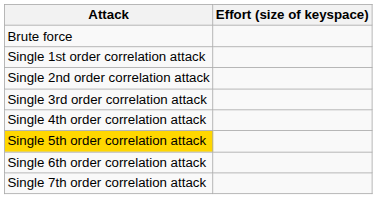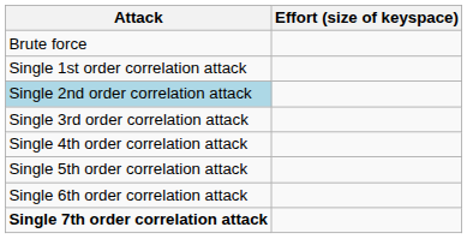 <table class="wikitable">
 <tr>
 <th>Attack</th>
 <th>Effort (size of keyspace)</th>
 </tr>
 <tr>
 <td>Brute force</td>
 <td></td>
 </tr>
 <tr>
 <td>Single 1st order correlation attack</td>
 <td></td>
 </tr>
 <tr>
-<td>Single 2nd order correlation attack</td>
+<td style="background: lightblue;">Single 2nd order correlation attack</td>
 <td></td>
 </tr>
 <tr>
 <td>Single 3rd order correlation attack</td>
 <td></td>
 </tr>
 <tr>
 <td>Single 4th order correlation attack</td>
 <td></td>
 </tr>
 <tr>
-<td style="background: gold;">Single 5th order correlation attack</td>
+<td>Single 5th order correlation attack</td>
 <td></td>
 </tr>
 <tr>
 <td>Single 6th order correlation attack</td>
 <td></td>
 </tr>
 <tr>
-<td>Single 7th order correlation attack</td>
+<td><strong>Single 7th order correlation attack</strong></td>
 <td></td>
 </tr>
 </table>
